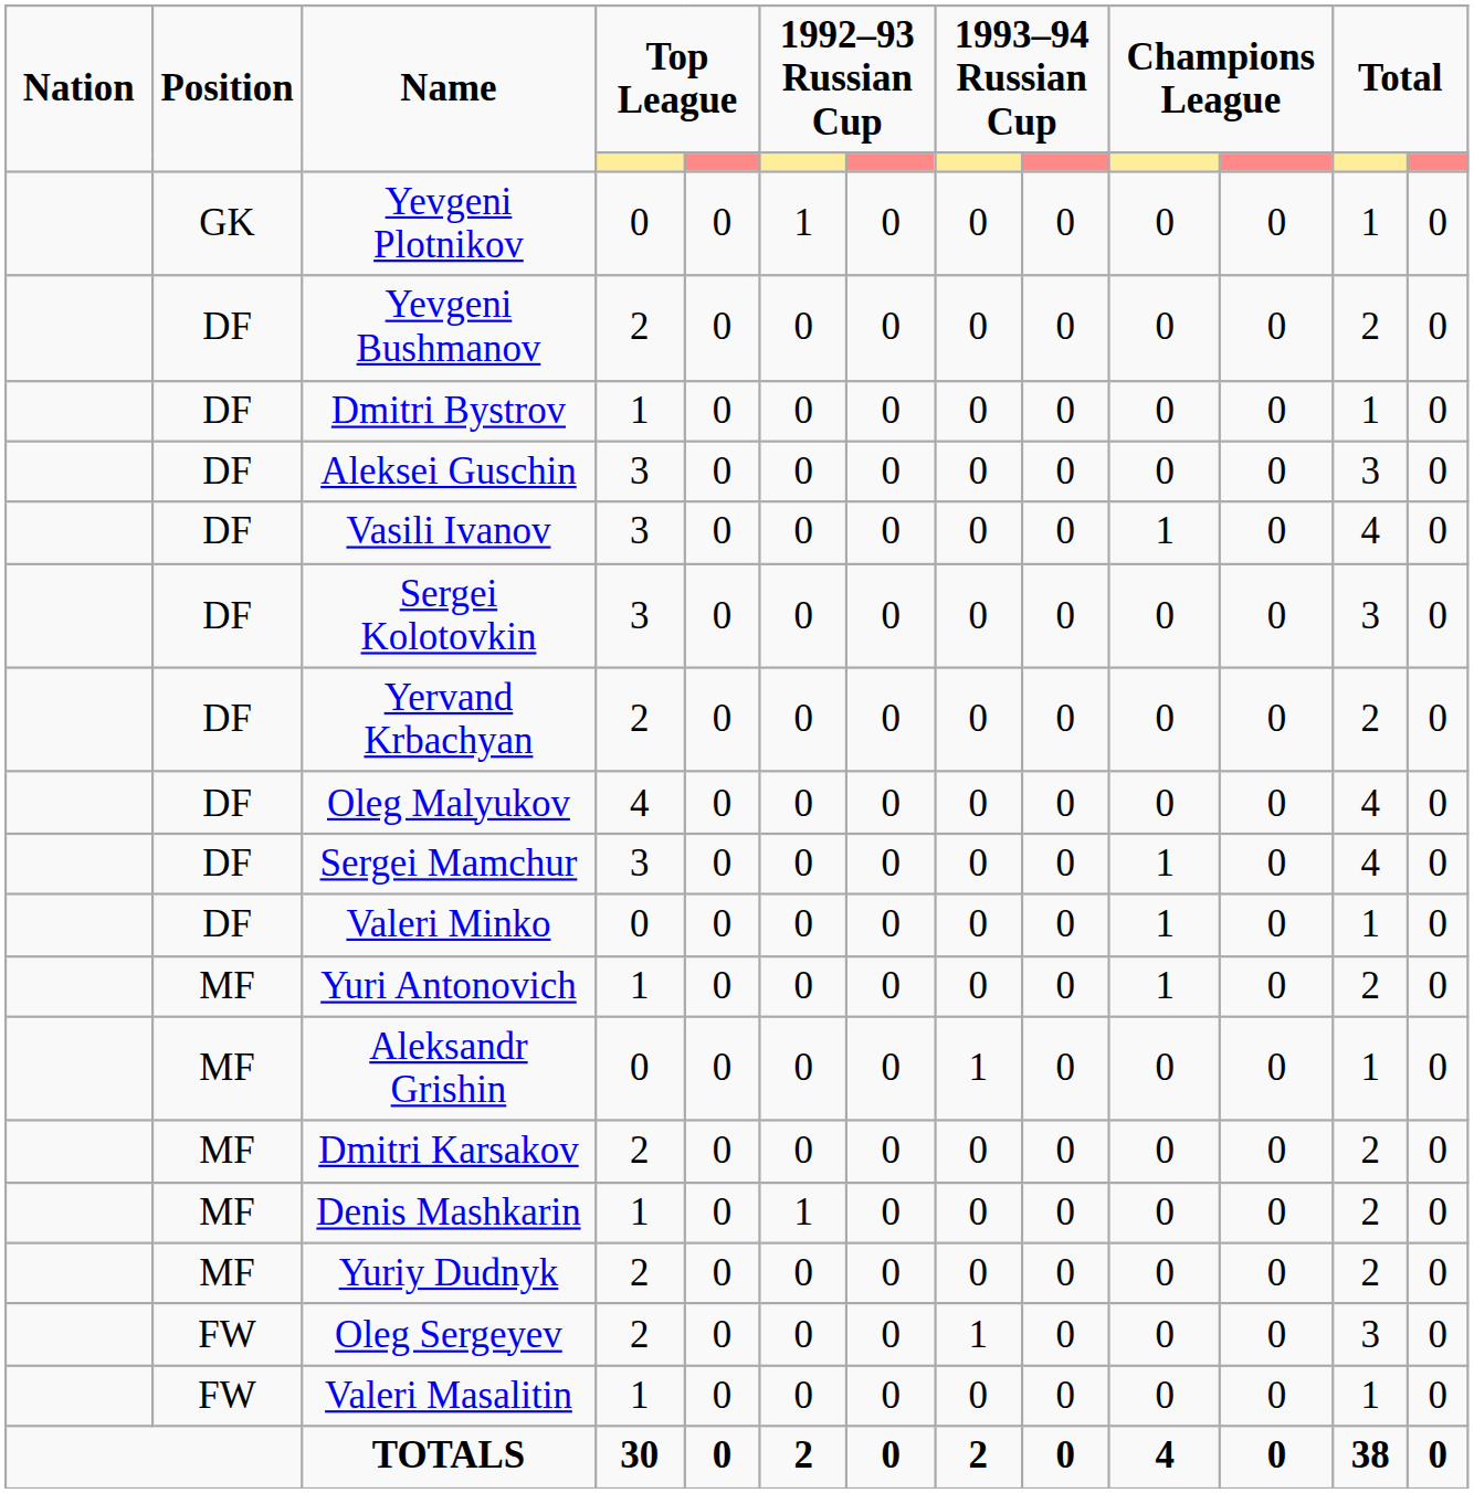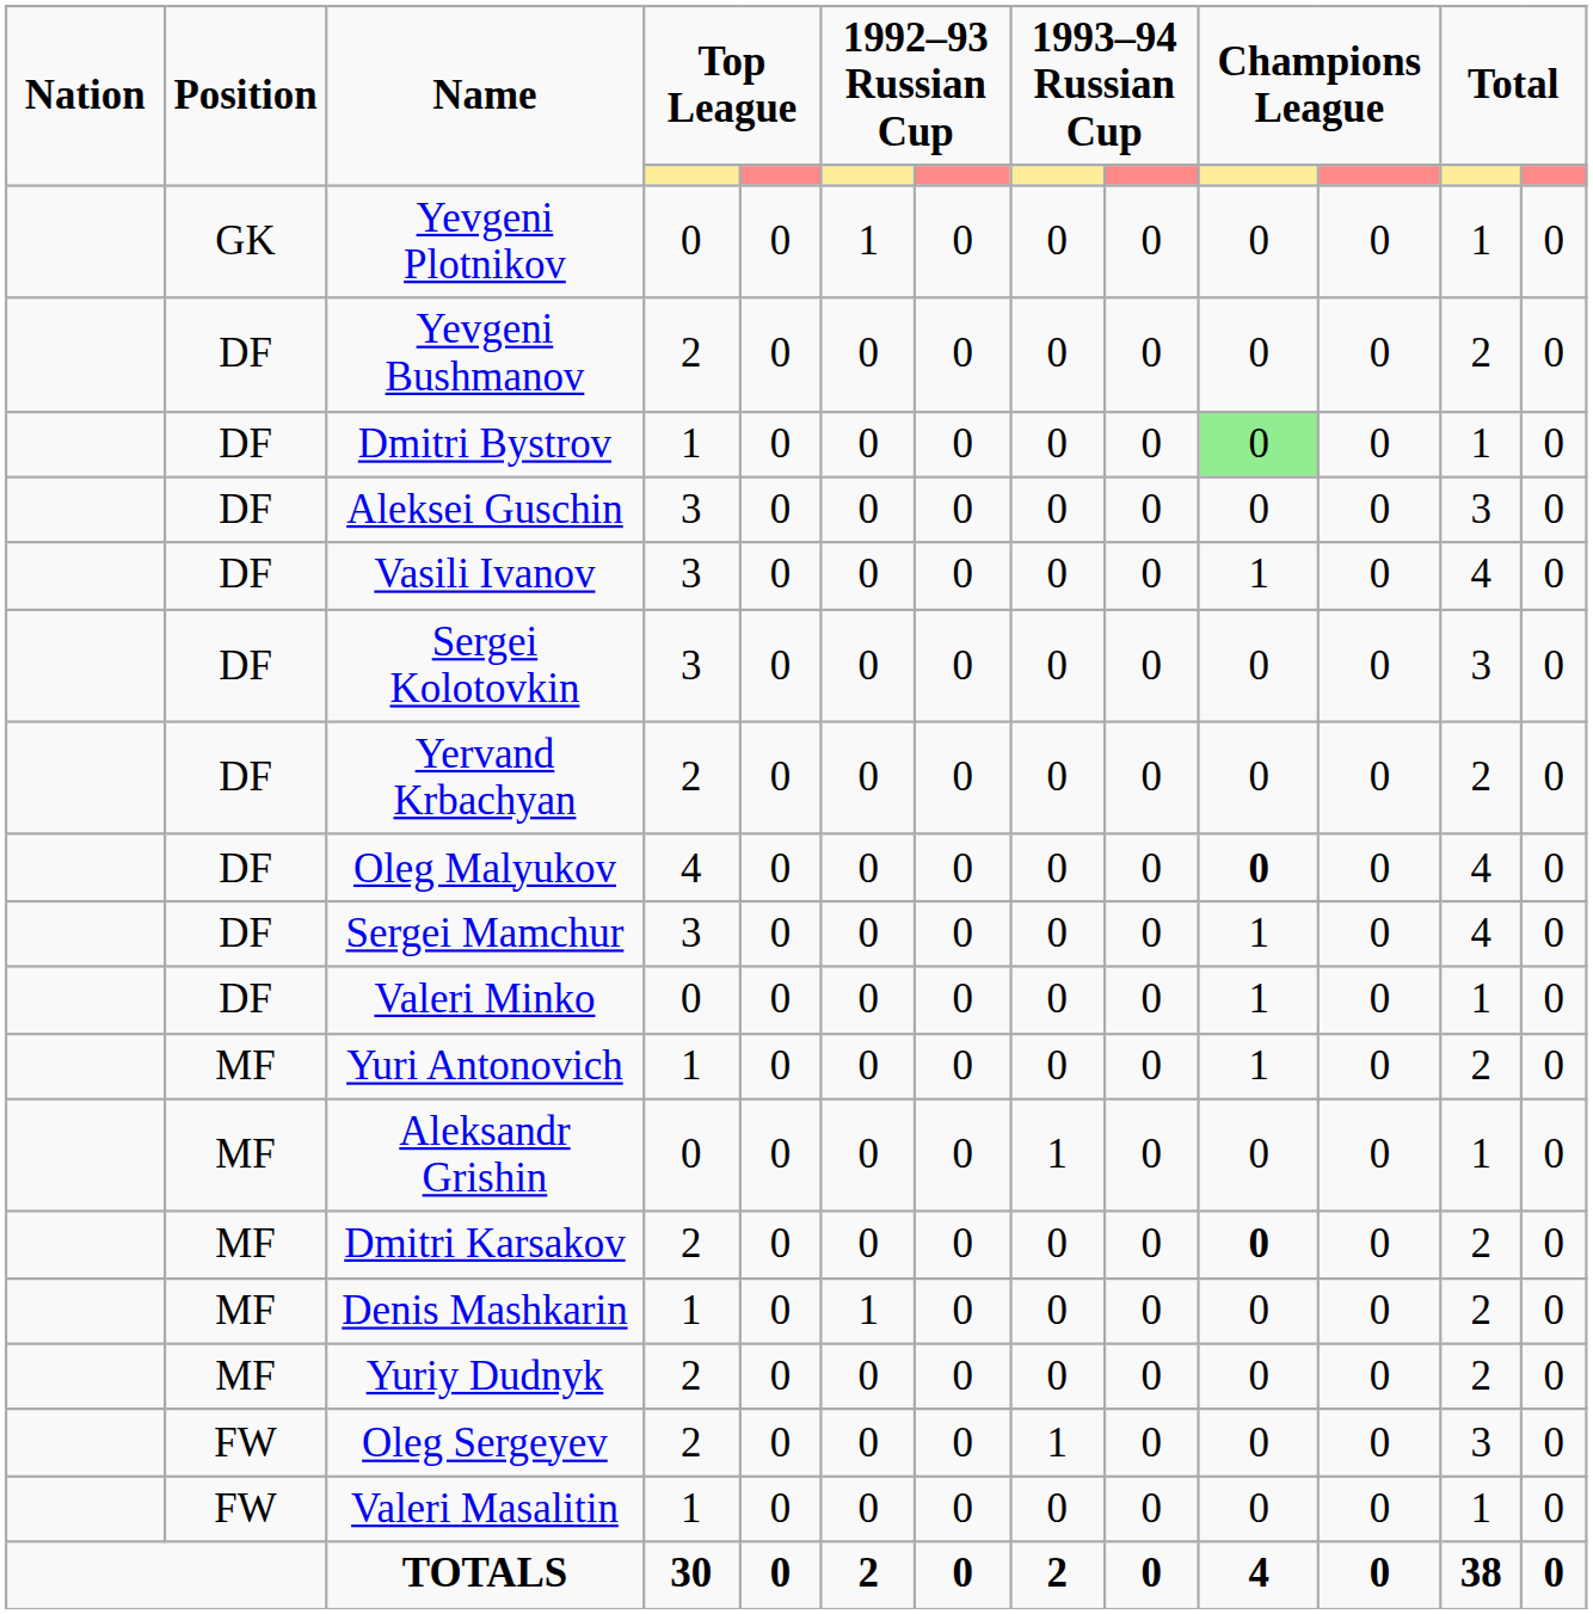 <table class="wikitable" style="font-size: 100%; text-align: center;">
 <tr>
 <td rowspan="2" width="10%" align="center"><strong>Nation</strong></td>
 <td rowspan="2" width="10%" align="center"><strong>Position</strong></td>
 <td rowspan="2" width="20%" align="center"><strong>Name</strong></td>
 <td colspan="2" align="center"><strong>Top League</strong></td>
 <td colspan="2" align="center"><strong>1992–93 Russian Cup</strong></td>
 <td colspan="2" align="center"><strong>1993–94 Russian Cup</strong></td>
 <td colspan="2" align="center"><strong>Champions League</strong></td>
 <td colspan="2" align="center"><strong>Total</strong></td>
 </tr>
 <tr>
 <th width=60 style="background: #FFEE99"></th>
 <th width=60 style="background: #FF8888"></th>
 <th width=60 style="background: #FFEE99"></th>
 <th width=60 style="background: #FF8888"></th>
 <th width=60 style="background: #FFEE99"></th>
 <th width=60 style="background: #FF8888"></th>
 <th width=60 style="background: #FFEE99"></th>
 <th width=60 style="background: #FF8888"></th>
 <th width=60 style="background: #FFEE99"></th>
 <th width=60 style="background: #FF8888"></th>
 </tr>
 <tr>
 <td></td>
 <td>GK</td>
 <td><a href='#'>Yevgeni Plotnikov</a></td>
 <td>0</td>
 <td>0</td>
 <td>1</td>
 <td>0</td>
 <td>0</td>
 <td>0</td>
 <td>0</td>
 <td>0</td>
 <td>1</td>
 <td>0</td>
 </tr>
 <tr>
 <td></td>
 <td>DF</td>
 <td><a href='#'>Yevgeni Bushmanov</a></td>
 <td>2</td>
 <td>0</td>
 <td>0</td>
 <td>0</td>
 <td>0</td>
 <td>0</td>
 <td>0</td>
 <td>0</td>
 <td>2</td>
 <td>0</td>
 </tr>
 <tr>
 <td></td>
 <td>DF</td>
 <td><a href='#'>Dmitri Bystrov</a></td>
 <td>1</td>
 <td>0</td>
 <td>0</td>
 <td>0</td>
 <td>0</td>
 <td>0</td>
-<td>0</td>
+<td style="background: lightgreen;">0</td>
 <td>0</td>
 <td>1</td>
 <td>0</td>
 </tr>
 <tr>
 <td></td>
 <td>DF</td>
 <td><a href='#'>Aleksei Guschin</a></td>
 <td>3</td>
 <td>0</td>
 <td>0</td>
 <td>0</td>
 <td>0</td>
 <td>0</td>
 <td>0</td>
 <td>0</td>
 <td>3</td>
 <td>0</td>
 </tr>
 <tr>
 <td></td>
 <td>DF</td>
 <td><a href='#'>Vasili Ivanov</a></td>
 <td>3</td>
 <td>0</td>
 <td>0</td>
 <td>0</td>
 <td>0</td>
 <td>0</td>
 <td>1</td>
 <td>0</td>
 <td>4</td>
 <td>0</td>
 </tr>
 <tr>
 <td></td>
 <td>DF</td>
 <td><a href='#'>Sergei Kolotovkin</a></td>
 <td>3</td>
 <td>0</td>
 <td>0</td>
 <td>0</td>
 <td>0</td>
 <td>0</td>
 <td>0</td>
 <td>0</td>
 <td>3</td>
 <td>0</td>
 </tr>
 <tr>
 <td></td>
 <td>DF</td>
 <td><a href='#'>Yervand Krbachyan</a></td>
 <td>2</td>
 <td>0</td>
 <td>0</td>
 <td>0</td>
 <td>0</td>
 <td>0</td>
 <td>0</td>
 <td>0</td>
 <td>2</td>
 <td>0</td>
 </tr>
 <tr>
 <td></td>
 <td>DF</td>
 <td><a href='#'>Oleg Malyukov</a></td>
 <td>4</td>
 <td>0</td>
 <td>0</td>
 <td>0</td>
 <td>0</td>
 <td>0</td>
-<td>0</td>
+<td><strong>0</strong></td>
 <td>0</td>
 <td>4</td>
 <td>0</td>
 </tr>
 <tr>
 <td></td>
 <td>DF</td>
 <td><a href='#'>Sergei Mamchur</a></td>
 <td>3</td>
 <td>0</td>
 <td>0</td>
 <td>0</td>
 <td>0</td>
 <td>0</td>
 <td>1</td>
 <td>0</td>
 <td>4</td>
 <td>0</td>
 </tr>
 <tr>
 <td></td>
 <td>DF</td>
 <td><a href='#'>Valeri Minko</a></td>
 <td>0</td>
 <td>0</td>
 <td>0</td>
 <td>0</td>
 <td>0</td>
 <td>0</td>
 <td>1</td>
 <td>0</td>
 <td>1</td>
 <td>0</td>
 </tr>
 <tr>
 <td></td>
 <td>MF</td>
 <td><a href='#'>Yuri Antonovich</a></td>
 <td>1</td>
 <td>0</td>
 <td>0</td>
 <td>0</td>
 <td>0</td>
 <td>0</td>
 <td>1</td>
 <td>0</td>
 <td>2</td>
 <td>0</td>
 </tr>
 <tr>
 <td></td>
 <td>MF</td>
 <td><a href='#'>Aleksandr Grishin</a></td>
 <td>0</td>
 <td>0</td>
 <td>0</td>
 <td>0</td>
 <td>1</td>
 <td>0</td>
 <td>0</td>
 <td>0</td>
 <td>1</td>
 <td>0</td>
 </tr>
 <tr>
 <td></td>
 <td>MF</td>
 <td><a href='#'>Dmitri Karsakov</a></td>
 <td>2</td>
 <td>0</td>
 <td>0</td>
 <td>0</td>
 <td>0</td>
 <td>0</td>
-<td>0</td>
+<td><strong>0</strong></td>
 <td>0</td>
 <td>2</td>
 <td>0</td>
 </tr>
 <tr>
 <td></td>
 <td>MF</td>
 <td><a href='#'>Denis Mashkarin</a></td>
 <td>1</td>
 <td>0</td>
 <td>1</td>
 <td>0</td>
 <td>0</td>
 <td>0</td>
 <td>0</td>
 <td>0</td>
 <td>2</td>
 <td>0</td>
 </tr>
 <tr>
 <td></td>
 <td>MF</td>
 <td><a href='#'>Yuriy Dudnyk</a></td>
 <td>2</td>
 <td>0</td>
 <td>0</td>
 <td>0</td>
 <td>0</td>
 <td>0</td>
 <td>0</td>
 <td>0</td>
 <td>2</td>
 <td>0</td>
 </tr>
 <tr>
 <td></td>
 <td>FW</td>
 <td><a href='#'>Oleg Sergeyev</a></td>
 <td>2</td>
 <td>0</td>
 <td>0</td>
 <td>0</td>
 <td>1</td>
 <td>0</td>
 <td>0</td>
 <td>0</td>
 <td>3</td>
 <td>0</td>
 </tr>
 <tr>
 <td></td>
 <td>FW</td>
 <td><a href='#'>Valeri Masalitin</a></td>
 <td>1</td>
 <td>0</td>
 <td>0</td>
 <td>0</td>
 <td>0</td>
 <td>0</td>
 <td>0</td>
 <td>0</td>
 <td>1</td>
 <td>0</td>
 </tr>
 <tr>
 <td colspan="2"></td>
 <td><strong>TOTALS</strong></td>
 <td><strong>30</strong></td>
 <td><strong>0</strong></td>
 <td><strong>2</strong></td>
 <td><strong>0</strong></td>
 <td><strong>2</strong></td>
 <td><strong>0</strong></td>
 <td><strong>4</strong></td>
 <td><strong>0</strong></td>
 <td><strong>38</strong></td>
 <td><strong>0</strong></td>
 </tr>
 </table>
